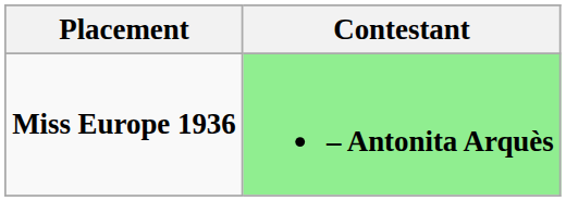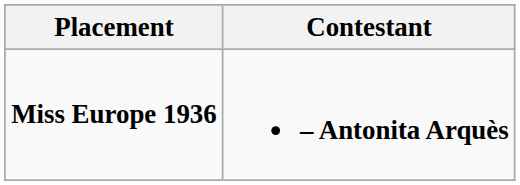 <table class="wikitable sortable" style="font-size: 95%;">
 <tr>
 <th>Placement</th>
 <th>Contestant</th>
 </tr>
 <tr>
 <td><strong>Miss Europe 1936</strong></td>
-<td style="background: lightgreen;"><br><ul><li><strong> – Antonita Arquès</strong></li></ul></td>
+<td><br><ul><li><strong> – Antonita Arquès</strong></li></ul></td>
 </tr>
 </table>
